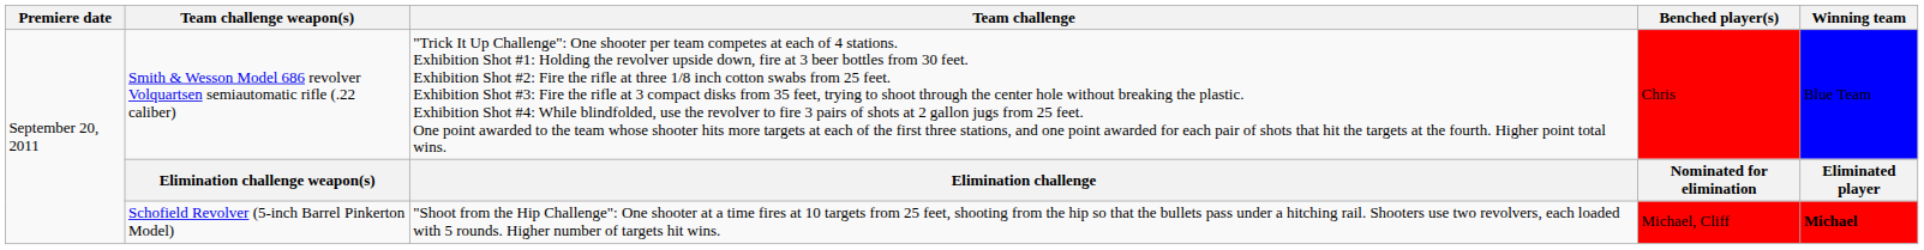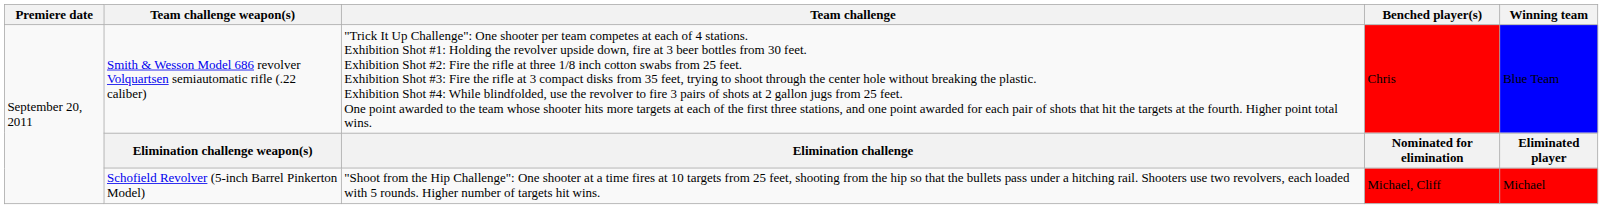 <table class="wikitable">
 <tr>
 <th>Premiere date</th>
 <th>Team challenge weapon(s)</th>
 <th>Team challenge</th>
 <th>Benched player(s)</th>
 <th>Winning team</th>
 </tr>
 <tr>
 <td rowspan="3">September 20, 2011</td>
 <td><a href='#'>Smith & Wesson Model 686</a> revolver<br><a href='#'>Volquartsen</a> semiautomatic rifle (.22 caliber)</td>
 <td>"Trick It Up Challenge": One shooter per team competes at each of 4 stations.<br>Exhibition Shot #1: Holding the revolver upside down, fire at 3 beer bottles from 30 feet.<br>Exhibition Shot #2: Fire the rifle at three 1/8 inch cotton swabs from 25 feet.<br>Exhibition Shot #3: Fire the rifle at 3 compact disks from 35 feet, trying to shoot through the center hole without breaking the plastic.<br>Exhibition Shot #4: While blindfolded, use the revolver to fire 3 pairs of shots at 2 gallon jugs from 25 feet.<br>One point awarded to the team whose shooter hits more targets at each of the first three stations, and one point awarded for each pair of shots that hit the targets at the fourth. Higher point total wins.</td>
 <td style="background:red;"><span>Chris</span></td>
 <td style="background:blue;"><span>Blue Team</span></td>
 </tr>
 <tr>
 <th>Elimination challenge weapon(s)</th>
 <th>Elimination challenge</th>
 <th>Nominated for elimination</th>
 <th>Eliminated player</th>
 </tr>
 <tr>
 <td><a href='#'>Schofield Revolver</a> (5-inch Barrel Pinkerton Model)</td>
 <td>"Shoot from the Hip Challenge": One shooter at a time fires at 10 targets from 25 feet, shooting from the hip so that the bullets pass under a hitching rail. Shooters use two revolvers, each loaded with 5 rounds. Higher number of targets hit wins.</td>
 <td style="background:red;"><span>Michael, Cliff</span></td>
-<td style="background:red;"><strong><span>Michael</span></strong></td>
+<td style="background:red;"><span>Michael</span></td>
 </tr>
 </table>
